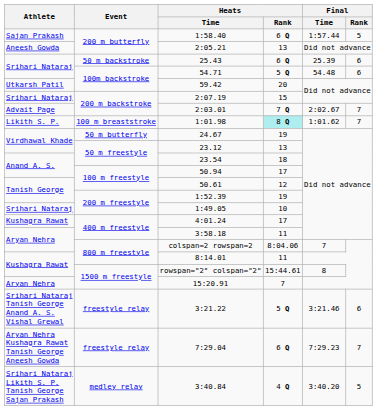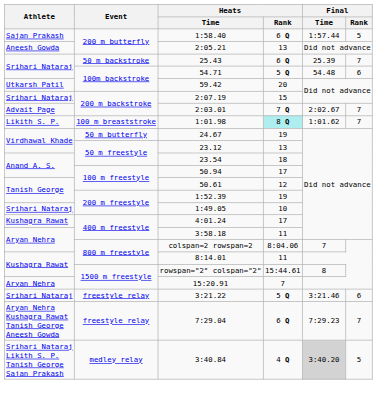 <table class=wikitable collapsible style="text-align:center; font-size:90%">
 <tr>
 <th rowspan="2">Athlete</th>
 <th rowspan="2">Event</th>
 <th colspan="2">Heats</th>
 <th colspan="2">Final</th>
 </tr>
 <tr>
 <th>Time</th>
 <th>Rank</th>
 <th>Time</th>
 <th>Rank</th>
 </tr>
 <tr>
 <td align=left><a href='#'>Sajan Prakash</a></td>
 <td rowspan="2"><a href='#'>200 m butterfly</a></td>
 <td>1:58.40</td>
 <td>6 <strong>Q</strong></td>
 <td>1:57.44</td>
 <td>5</td>
 </tr>
 <tr>
 <td align=left><a href='#'>Aneesh Gowda</a></td>
 <td>2:05.21</td>
 <td>13</td>
 <td colspan=2>Did not advance</td>
 </tr>
 <tr>
 <td rowspan="2" align=left><a href='#'>Srihari Nataraj</a></td>
 <td><a href='#'>50 m backstroke</a></td>
 <td>25.43</td>
 <td>6 <strong>Q</strong></td>
 <td>25.39</td>
-<td>6</td>
+<td>7</td>
 </tr>
 <tr>
 <td rowspan="2"><a href='#'>100m backstroke</a></td>
 <td>54.71</td>
 <td>5 <strong>Q</strong></td>
 <td>54.48</td>
 <td>6</td>
 </tr>
 <tr>
 <td align="left"><a href='#'>Utkarsh Patil</a></td>
 <td>59.42</td>
 <td>20</td>
 <td colspan="2" rowspan="2">Did not advance</td>
 </tr>
 <tr>
 <td align=left><a href='#'>Srihari Nataraj</a></td>
 <td rowspan="2"><a href='#'>200 m backstroke</a></td>
 <td>2:07.19</td>
 <td>15</td>
 </tr>
 <tr>
 <td align=left><a href='#'>Advait Page</a></td>
 <td>2:03.01</td>
 <td>7 <strong>Q</strong></td>
 <td>2:02.67</td>
 <td>7</td>
 </tr>
 <tr>
 <td align=left><a href='#'>Likith S. P.</a></td>
 <td><a href='#'>100 m breaststroke</a></td>
 <td>1:01.98</td>
 <td style="background: paleturquoise;">8 <strong>Q</strong></td>
 <td>1:01.62</td>
 <td>7</td>
 </tr>
 <tr>
 <td align=left rowspan="2"><a href='#'>Virdhawal Khade</a></td>
 <td><a href='#'>50 m butterfly</a></td>
 <td>24.67</td>
 <td>19</td>
 <td colspan="2" rowspan="9">Did not advance</td>
 </tr>
 <tr>
 <td rowspan="2"><a href='#'>50 m freestyle</a></td>
 <td>23.12</td>
 <td>13</td>
 </tr>
 <tr>
 <td rowspan=2 style="text-align:left"><a href='#'>Anand A. S.</a></td>
 <td>23.54</td>
 <td>18</td>
 </tr>
 <tr>
 <td rowspan="2"><a href='#'>100 m freestyle</a></td>
 <td>50.94</td>
 <td>17</td>
 </tr>
 <tr>
 <td rowspan="2" align=left><a href='#'>Tanish George</a></td>
 <td>50.61</td>
 <td>12</td>
 </tr>
 <tr>
 <td rowspan="2"><a href='#'>200 m freestyle</a></td>
 <td>1:52.39</td>
 <td>19</td>
 </tr>
 <tr>
 <td align=left><a href='#'>Srihari Nataraj</a></td>
 <td>1:49.05</td>
 <td>10</td>
 </tr>
 <tr>
 <td align=left><a href='#'>Kushagra Rawat</a></td>
 <td rowspan="2"><a href='#'>400 m freestyle</a></td>
 <td>4:01.24</td>
 <td>17</td>
 </tr>
 <tr>
 <td rowspan="2" align="left"><a href='#'>Aryan Nehra</a></td>
 <td>3:58.18</td>
 <td>11</td>
 </tr>
 <tr>
 <td rowspan="2"><a href='#'>800 m freestyle</a></td>
 <td>colspan=2 rowspan=2 </td>
 <td>8:04.06</td>
 <td>7</td>
 </tr>
 <tr>
 <td rowspan="2" align="left"><a href='#'>Kushagra Rawat</a></td>
 <td>8:14.01</td>
 <td>11</td>
 </tr>
 <tr>
 <td rowspan="2"><a href='#'>1500 m freestyle</a></td>
 <td>rowspan="2" colspan="2" </td>
 <td>15:44.61</td>
 <td>8</td>
 </tr>
 <tr>
 <td align="left"><a href='#'>Aryan Nehra</a></td>
 <td>15:20.91 <strong></strong></td>
 <td>7</td>
 </tr>
 <tr>
-<td align=left><a href='#'>Srihari Nataraj</a><br><a href='#'>Tanish George</a><br><a href='#'>Anand A. S.</a><br><a href='#'>Vishal Grewal</a></td>
+<td align=left><a href='#'>Srihari Nataraj</a></td>
 <td><a href='#'> freestyle relay</a></td>
 <td>3:21.22</td>
 <td>5 <strong>Q</strong></td>
 <td>3:21.46</td>
 <td>6</td>
 </tr>
 <tr>
 <td align=left><a href='#'>Aryan Nehra</a><br><a href='#'>Kushagra Rawat</a><br><a href='#'>Tanish George</a><br><a href='#'>Aneesh Gowda</a></td>
 <td><a href='#'> freestyle relay</a></td>
 <td>7:29.04</td>
 <td>6 <strong>Q</strong></td>
 <td>7:29.23</td>
 <td>7</td>
 </tr>
 <tr>
 <td align=left><a href='#'>Srihari Nataraj</a><br><a href='#'>Likith S. P.</a><br><a href='#'>Tanish George</a><br><a href='#'>Sajan Prakash</a></td>
 <td><a href='#'> medley relay</a></td>
 <td>3:40.84 <strong></strong></td>
 <td>4 <strong>Q</strong></td>
-<td>3:40.20 <strong></strong></td>
+<td style="background: lightgrey;">3:40.20 <strong></strong></td>
 <td>5</td>
 </tr>
 </table>
